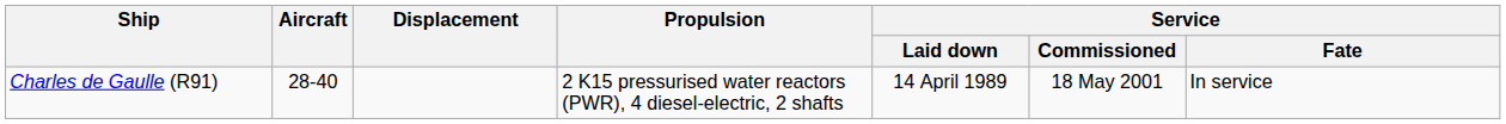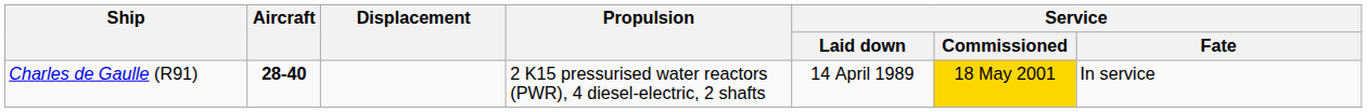 <table class="wikitable" style="width:98%;">
 <tr valign="top"|- valign="top">
 <th style="width:17%; text-align:center;" rowspan="2">Ship</th>
 <th style="width:5%; text-align:center;" rowspan="2">Aircraft</th>
 <th style="width:13%; text-align:center;" rowspan="2">Displacement</th>
 <th style="width:20%; text-align:center;" rowspan="2">Propulsion</th>
 <th style="width:40%; text-align:center;" colspan="3">Service</th>
 </tr>
 <tr valign="top">
 <th style="width:10%; text-align:center;">Laid down</th>
 <th style="width:10%; text-align:center;">Commissioned</th>
 <th style="width:20%; text-align:center;">Fate</th>
 </tr>
 <tr valign="top">
 <td align= left><em><a href='#'>Charles de Gaulle</a></em> (R91)</td>
-<td style="text-align:center;">28-40</td>
+<td style="text-align:center;"><strong>28-40</strong></td>
 <td style="text-align:center;"></td>
 <td align= left>2 K15 pressurised water reactors (PWR), 4 diesel-electric, 2 shafts</td>
 <td style="text-align:center;">14 April 1989</td>
-<td style="text-align:center;">18 May 2001</td>
+<td style="background: gold; text-align:center;">18 May 2001</td>
 <td align= left>In service</td>
 </tr>
 </table>
